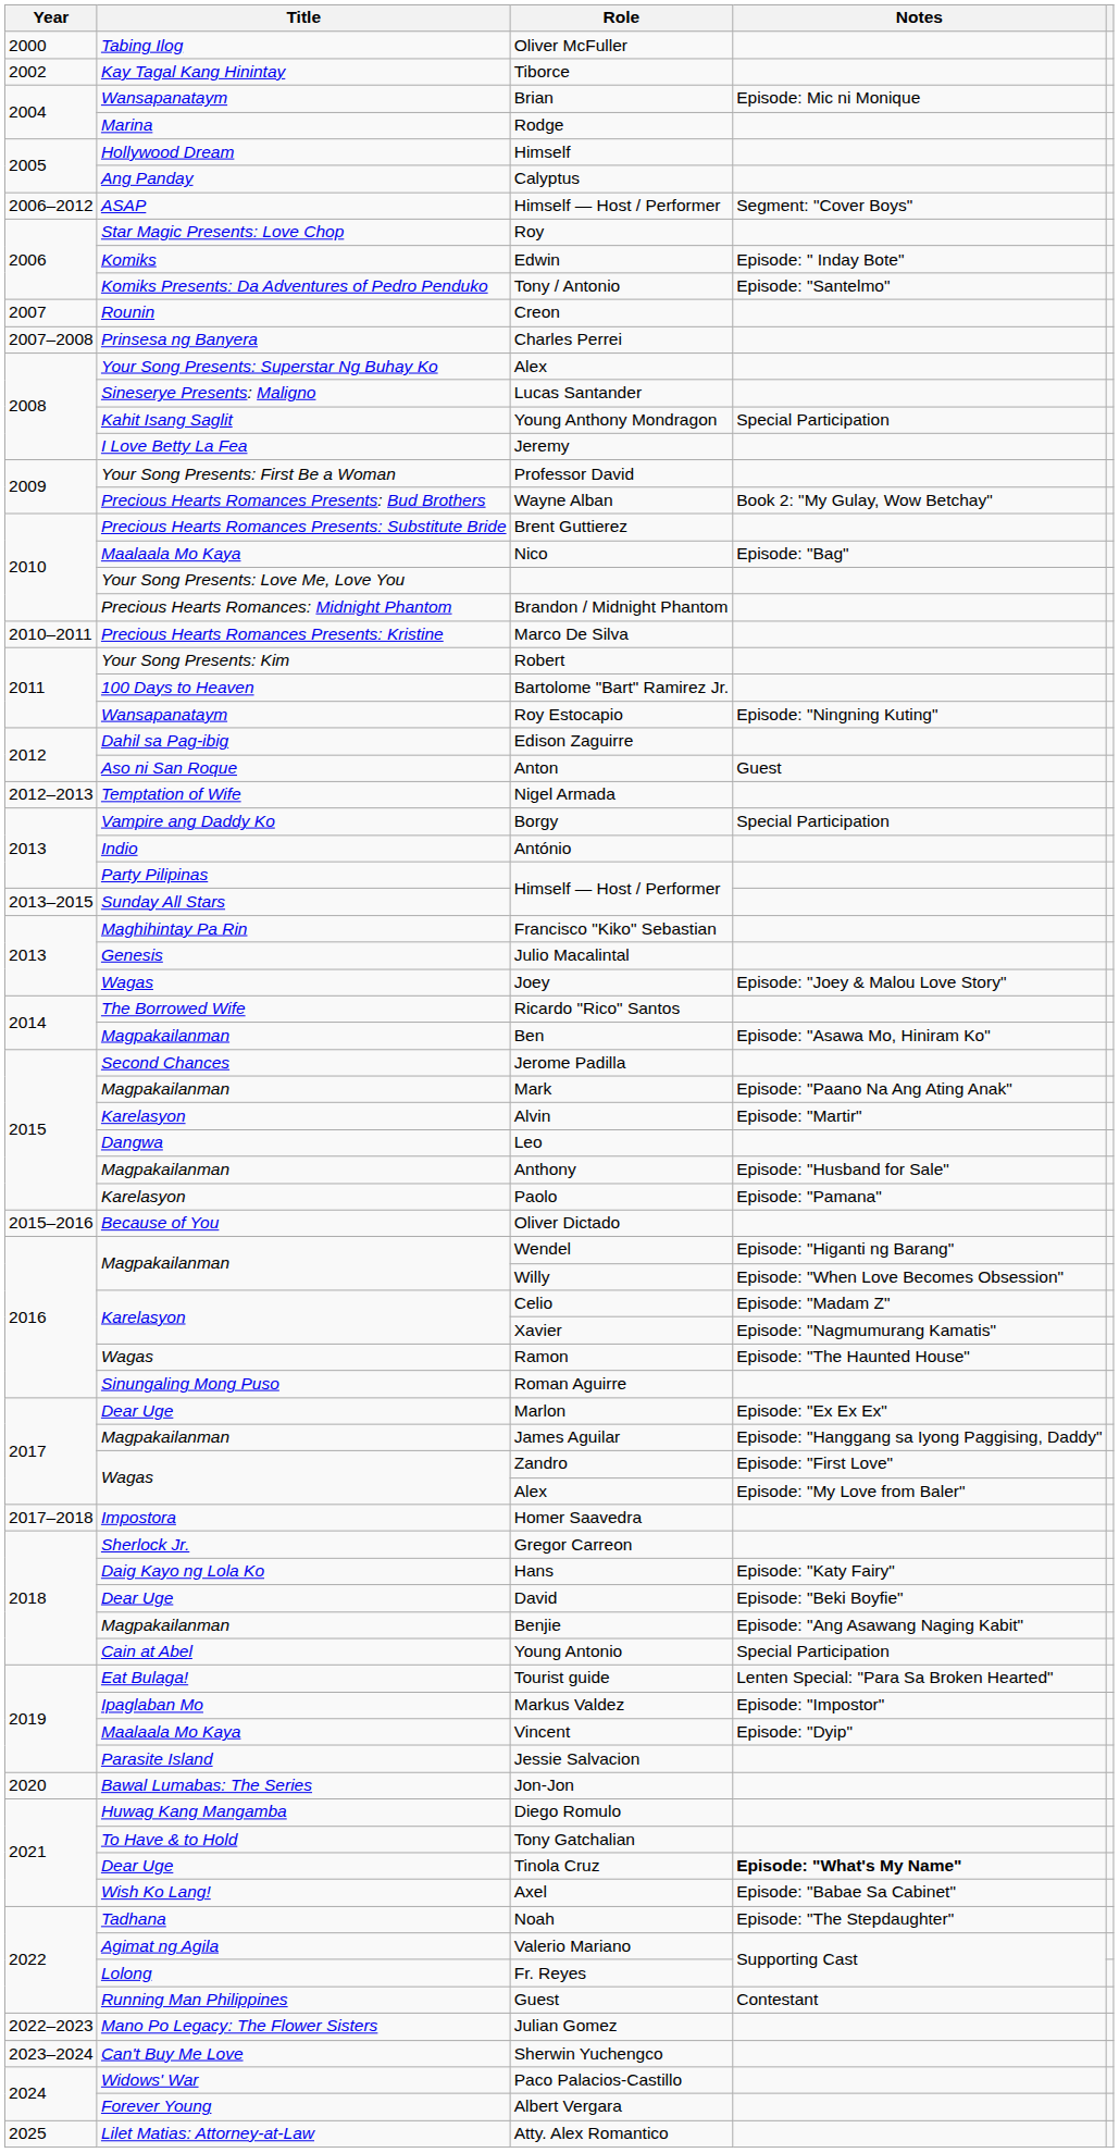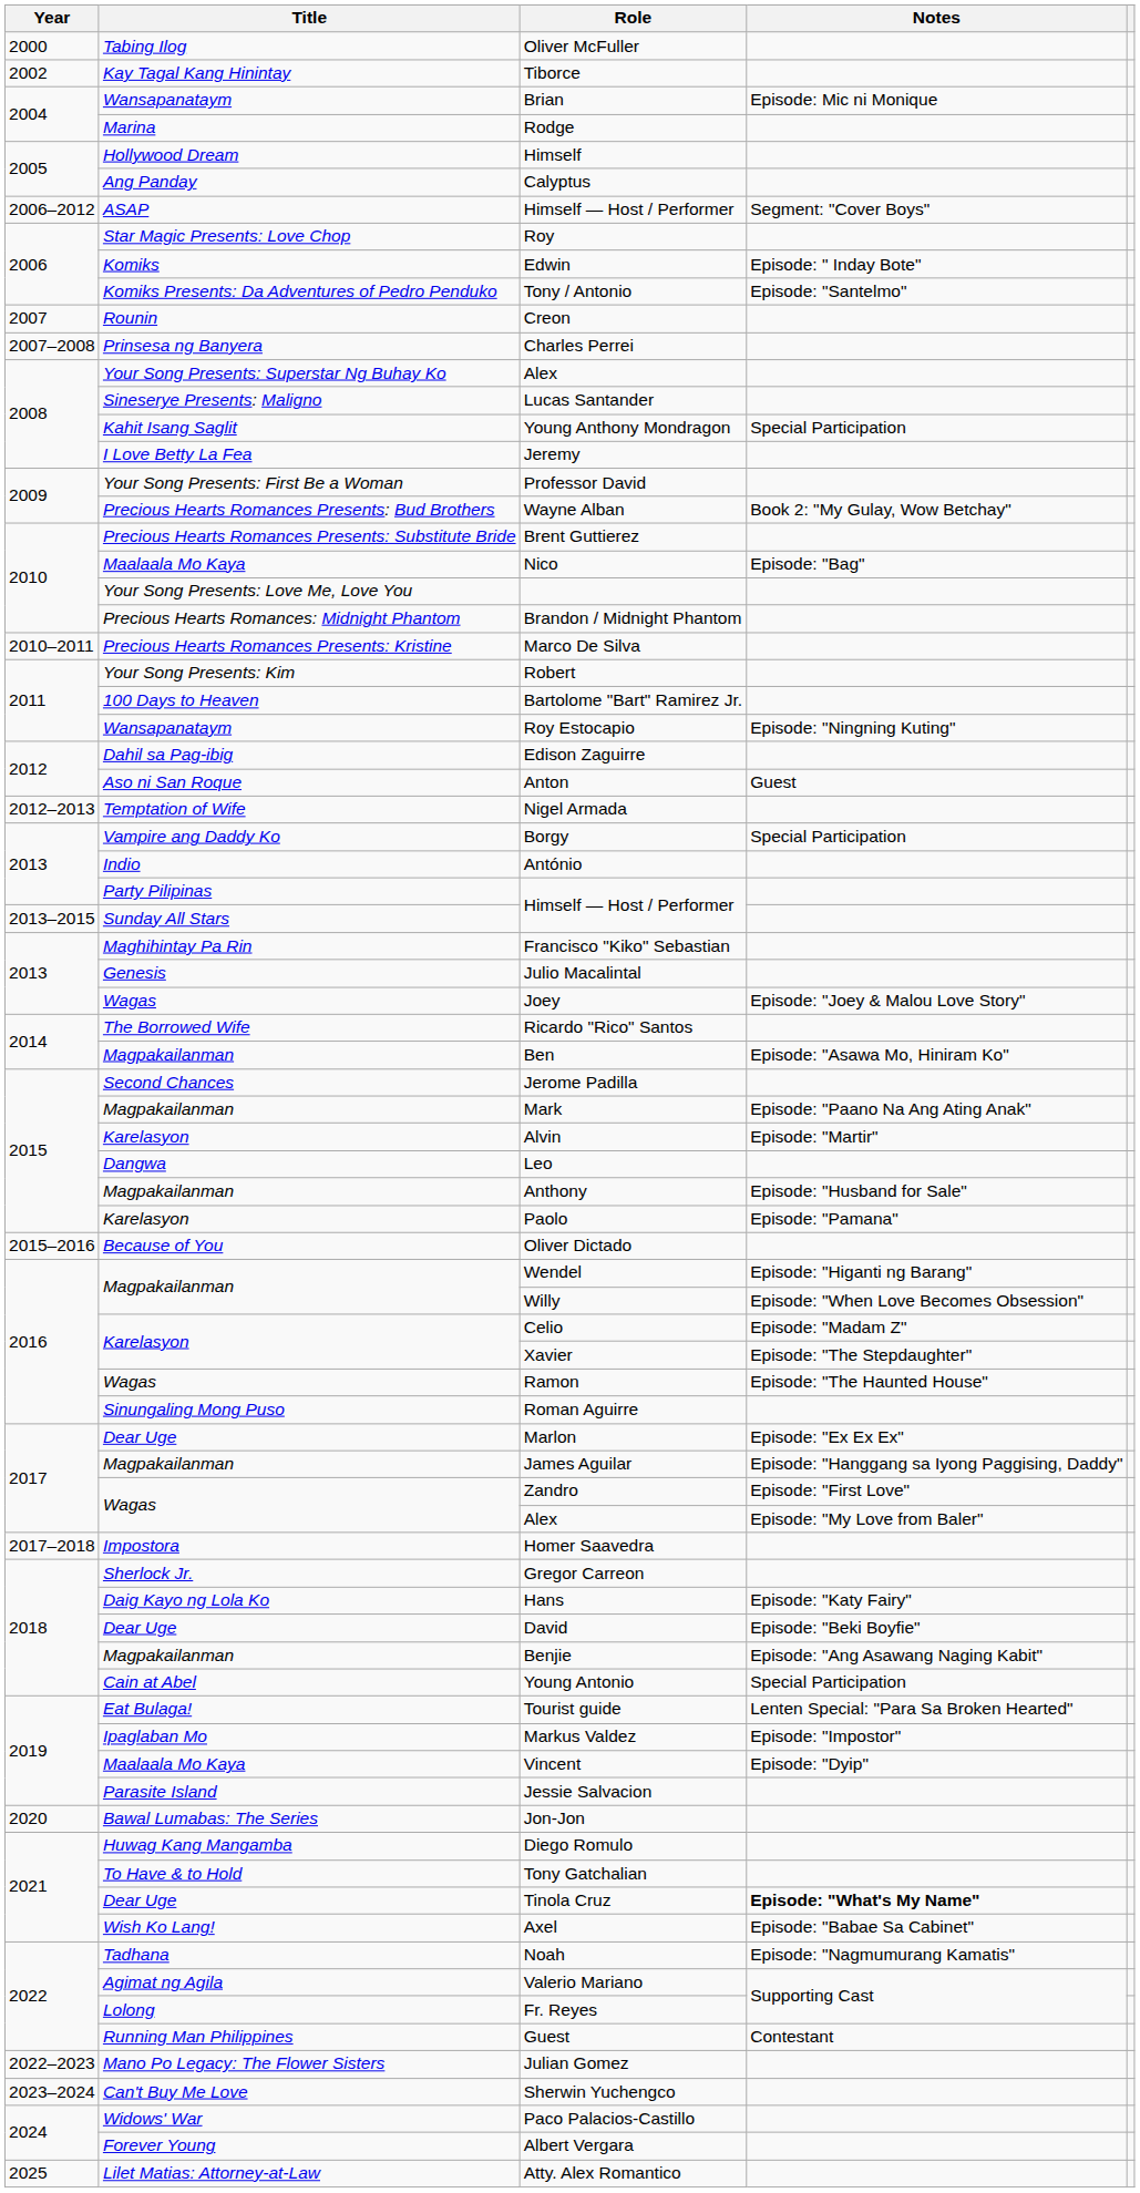 <table class="wikitable sortable" >
 <tr>
 <th>Year</th>
 <th>Title</th>
 <th>Role</th>
 <th class="unsortable">Notes </th>
 <th class="unsortable"> </th>
 </tr>
 <tr>
 <td>2000</td>
 <td><em><a href='#'>Tabing Ilog</a></em></td>
 <td>Oliver McFuller</td>
 <td></td>
 <td></td>
 </tr>
 <tr>
 <td>2002</td>
 <td><em><a href='#'>Kay Tagal Kang Hinintay</a></em></td>
 <td>Tiborce</td>
 <td></td>
 <td></td>
 </tr>
 <tr>
 <td rowspan="2">2004</td>
 <td><em><a href='#'>Wansapanataym</a></em></td>
 <td>Brian</td>
 <td>Episode: Mic ni Monique</td>
 <td></td>
 </tr>
 <tr>
 <td><em><a href='#'>Marina</a></em></td>
 <td>Rodge</td>
 <td></td>
 <td></td>
 </tr>
 <tr>
 <td rowspan="2">2005</td>
 <td><em><a href='#'>Hollywood Dream</a></em></td>
 <td>Himself</td>
 <td></td>
 <td></td>
 </tr>
 <tr>
 <td><em><a href='#'>Ang Panday</a></em></td>
 <td>Calyptus</td>
 <td></td>
 <td></td>
 </tr>
 <tr>
 <td>2006–2012</td>
 <td><em><a href='#'>ASAP</a></em></td>
 <td>Himself — Host / Performer</td>
 <td>Segment: "Cover Boys"</td>
 <td></td>
 </tr>
 <tr>
 <td rowspan="3">2006</td>
 <td><em><a href='#'>Star Magic Presents: Love Chop</a></em></td>
 <td>Roy</td>
 <td></td>
 <td></td>
 </tr>
 <tr>
 <td><em><a href='#'>Komiks</a></em></td>
 <td>Edwin</td>
 <td>Episode: " Inday Bote"</td>
 <td></td>
 </tr>
 <tr>
 <td><em><a href='#'>Komiks Presents: Da Adventures of Pedro Penduko</a></em></td>
 <td>Tony / Antonio</td>
 <td>Episode: "Santelmo"</td>
 <td></td>
 </tr>
 <tr>
 <td>2007</td>
 <td><em><a href='#'>Rounin</a></em></td>
 <td>Creon</td>
 <td></td>
 <td></td>
 </tr>
 <tr>
 <td>2007–2008</td>
 <td><em><a href='#'>Prinsesa ng Banyera</a></em></td>
 <td>Charles Perrei</td>
 <td></td>
 <td></td>
 </tr>
 <tr>
 <td rowspan="4">2008</td>
 <td><em><a href='#'>Your Song Presents: Superstar Ng Buhay Ko</a></em></td>
 <td>Alex</td>
 <td></td>
 <td></td>
 </tr>
 <tr>
 <td><em><a href='#'>Sineserye Presents</a>: <a href='#'>Maligno</a></em></td>
 <td>Lucas Santander</td>
 <td></td>
 <td></td>
 </tr>
 <tr>
 <td><em><a href='#'>Kahit Isang Saglit</a></em></td>
 <td>Young Anthony Mondragon</td>
 <td>Special Participation</td>
 <td></td>
 </tr>
 <tr>
 <td><em><a href='#'>I Love Betty La Fea</a></em></td>
 <td>Jeremy</td>
 <td></td>
 <td></td>
 </tr>
 <tr>
 <td rowspan="2">2009</td>
 <td><em>Your Song Presents: First Be a Woman</em></td>
 <td>Professor David</td>
 <td></td>
 <td></td>
 </tr>
 <tr>
 <td><em><a href='#'>Precious Hearts Romances Presents</a>: <a href='#'>Bud Brothers</a></em></td>
 <td>Wayne Alban</td>
 <td>Book 2: "My Gulay, Wow Betchay"</td>
 <td></td>
 </tr>
 <tr>
 <td rowspan="4">2010</td>
 <td><em><a href='#'>Precious Hearts Romances Presents: Substitute Bride</a></em></td>
 <td>Brent Guttierez</td>
 <td></td>
 <td></td>
 </tr>
 <tr>
 <td><em><a href='#'>Maalaala Mo Kaya</a></em></td>
 <td>Nico</td>
 <td>Episode: "Bag"</td>
 <td></td>
 </tr>
 <tr>
 <td><em>Your Song Presents: Love Me, Love You</em></td>
 <td></td>
 <td></td>
 <td></td>
 </tr>
 <tr>
 <td><em>Precious Hearts Romances: <a href='#'>Midnight Phantom</a></em></td>
 <td>Brandon / Midnight Phantom</td>
 <td></td>
 <td></td>
 </tr>
 <tr>
 <td>2010–2011</td>
 <td><em><a href='#'>Precious Hearts Romances Presents: Kristine</a></em></td>
 <td>Marco De Silva</td>
 <td></td>
 <td></td>
 </tr>
 <tr>
 <td rowspan="3">2011</td>
 <td><em>Your Song Presents: Kim</em></td>
 <td>Robert</td>
 <td></td>
 <td></td>
 </tr>
 <tr>
 <td><em><a href='#'>100 Days to Heaven</a></em></td>
 <td>Bartolome "Bart" Ramirez Jr.</td>
 <td></td>
 <td></td>
 </tr>
 <tr>
 <td><em><a href='#'>Wansapanataym</a></em></td>
 <td>Roy Estocapio</td>
 <td>Episode: "Ningning Kuting"</td>
 <td></td>
 </tr>
 <tr>
 <td rowspan="2">2012</td>
 <td><em><a href='#'>Dahil sa Pag-ibig</a></em></td>
 <td>Edison Zaguirre</td>
 <td></td>
 <td></td>
 </tr>
 <tr>
 <td><em><a href='#'>Aso ni San Roque</a></em></td>
 <td>Anton</td>
 <td>Guest</td>
 <td></td>
 </tr>
 <tr>
 <td>2012–2013</td>
 <td><em><a href='#'>Temptation of Wife</a></em></td>
 <td>Nigel Armada</td>
 <td></td>
 <td></td>
 </tr>
 <tr>
 <td rowspan="3">2013</td>
 <td><em><a href='#'>Vampire ang Daddy Ko</a></em></td>
 <td>Borgy</td>
 <td>Special Participation</td>
 <td></td>
 </tr>
 <tr>
 <td><em><a href='#'>Indio</a></em></td>
 <td>António</td>
 <td></td>
 <td></td>
 </tr>
 <tr>
 <td><em><a href='#'>Party Pilipinas</a></em></td>
 <td rowspan="2">Himself — Host / Performer</td>
 <td></td>
 <td></td>
 </tr>
 <tr>
 <td>2013–2015</td>
 <td><em><a href='#'>Sunday All Stars</a></em></td>
 <td></td>
 <td></td>
 </tr>
 <tr>
 <td rowspan="3">2013</td>
 <td><em><a href='#'>Maghihintay Pa Rin</a></em></td>
 <td>Francisco "Kiko" Sebastian</td>
 <td></td>
 <td></td>
 </tr>
 <tr>
 <td><em><a href='#'>Genesis</a></em></td>
 <td>Julio Macalintal</td>
 <td></td>
 <td></td>
 </tr>
 <tr>
 <td><em><a href='#'>Wagas</a></em></td>
 <td>Joey</td>
 <td>Episode: "Joey & Malou Love Story"</td>
 <td></td>
 </tr>
 <tr>
 <td rowspan="2">2014</td>
 <td><em><a href='#'>The Borrowed Wife</a></em></td>
 <td>Ricardo "Rico" Santos</td>
 <td></td>
 <td></td>
 </tr>
 <tr>
 <td><em><a href='#'>Magpakailanman</a></em></td>
 <td>Ben</td>
 <td>Episode: "Asawa Mo, Hiniram Ko"</td>
 <td></td>
 </tr>
 <tr>
 <td rowspan="6">2015</td>
 <td><em><a href='#'>Second Chances</a></em></td>
 <td>Jerome Padilla</td>
 <td></td>
 <td></td>
 </tr>
 <tr>
 <td><em>Magpakailanman</em></td>
 <td>Mark</td>
 <td>Episode: "Paano Na Ang Ating Anak"</td>
 <td></td>
 </tr>
 <tr>
 <td><em><a href='#'>Karelasyon</a></em></td>
 <td>Alvin</td>
 <td>Episode: "Martir"</td>
 <td></td>
 </tr>
 <tr>
 <td><em><a href='#'>Dangwa</a></em></td>
 <td>Leo</td>
 <td></td>
 <td></td>
 </tr>
 <tr>
 <td><em>Magpakailanman</em></td>
 <td>Anthony</td>
 <td>Episode: "Husband for Sale"</td>
 <td></td>
 </tr>
 <tr>
 <td><em>Karelasyon</em></td>
 <td>Paolo</td>
 <td>Episode: "Pamana"</td>
 <td></td>
 </tr>
 <tr>
 <td>2015–2016</td>
 <td><em><a href='#'>Because of You</a></em></td>
 <td>Oliver Dictado</td>
 <td></td>
 <td></td>
 </tr>
 <tr>
 <td rowspan="6">2016</td>
 <td rowspan="2"><em>Magpakailanman</em></td>
 <td>Wendel</td>
 <td>Episode: "Higanti ng Barang"</td>
 <td></td>
 </tr>
 <tr>
 <td>Willy</td>
 <td>Episode: "When Love Becomes Obsession"</td>
 <td></td>
 </tr>
 <tr>
 <td rowspan="2"><em><a href='#'>Karelasyon</a></em></td>
 <td>Celio</td>
 <td>Episode: "Madam Z"</td>
 <td></td>
 </tr>
 <tr>
 <td>Xavier</td>
-<td>Episode: "Nagmumurang Kamatis"</td>
+<td>Episode: "The Stepdaughter"</td>
 <td></td>
 </tr>
 <tr>
 <td><em>Wagas</em></td>
 <td>Ramon</td>
 <td>Episode: "The Haunted House"</td>
 <td></td>
 </tr>
 <tr>
 <td><em><a href='#'>Sinungaling Mong Puso</a></em></td>
 <td>Roman Aguirre</td>
 <td></td>
 <td></td>
 </tr>
 <tr>
 <td rowspan="4">2017</td>
 <td><em><a href='#'>Dear Uge</a></em></td>
 <td>Marlon</td>
 <td>Episode: "Ex Ex Ex"</td>
 <td></td>
 </tr>
 <tr>
 <td><em>Magpakailanman</em></td>
 <td>James Aguilar</td>
 <td>Episode: "Hanggang sa Iyong Paggising, Daddy"</td>
 <td></td>
 </tr>
 <tr>
 <td rowspan="2"><em>Wagas</em></td>
 <td>Zandro</td>
 <td>Episode: "First Love"</td>
 <td></td>
 </tr>
 <tr>
 <td>Alex</td>
 <td>Episode: "My Love from Baler"</td>
 <td></td>
 </tr>
 <tr>
 <td>2017–2018</td>
 <td><em><a href='#'>Impostora</a></em></td>
 <td>Homer Saavedra</td>
 <td></td>
 <td></td>
 </tr>
 <tr>
 <td rowspan="5">2018</td>
 <td><em><a href='#'>Sherlock Jr.</a></em></td>
 <td>Gregor Carreon</td>
 <td></td>
 <td></td>
 </tr>
 <tr>
 <td><em><a href='#'>Daig Kayo ng Lola Ko</a></em></td>
 <td>Hans</td>
 <td>Episode: "Katy Fairy"</td>
 <td></td>
 </tr>
 <tr>
 <td><em><a href='#'>Dear Uge</a></em></td>
 <td>David</td>
 <td>Episode: "Beki Boyfie"</td>
 <td></td>
 </tr>
 <tr>
 <td><em>Magpakailanman</em></td>
 <td>Benjie</td>
 <td>Episode: "Ang Asawang Naging Kabit"</td>
 <td></td>
 </tr>
 <tr>
 <td><em><a href='#'>Cain at Abel</a></em></td>
 <td>Young Antonio</td>
 <td>Special Participation</td>
 <td></td>
 </tr>
 <tr>
 <td rowspan="4">2019</td>
 <td><em><a href='#'>Eat Bulaga!</a></em></td>
 <td>Tourist guide</td>
 <td>Lenten Special: "Para Sa Broken Hearted"</td>
 <td></td>
 </tr>
 <tr>
 <td><em><a href='#'>Ipaglaban Mo</a></em></td>
 <td>Markus Valdez</td>
 <td>Episode: "Impostor"</td>
 <td></td>
 </tr>
 <tr>
 <td><em><a href='#'>Maalaala Mo Kaya</a></em></td>
 <td>Vincent</td>
 <td>Episode: "Dyip"</td>
 <td></td>
 </tr>
 <tr>
 <td><em><a href='#'>Parasite Island</a></em></td>
 <td>Jessie Salvacion</td>
 <td></td>
 <td></td>
 </tr>
 <tr>
 <td>2020</td>
 <td><em><a href='#'>Bawal Lumabas: The Series</a></em></td>
 <td>Jon-Jon</td>
 <td></td>
 </tr>
 <tr>
 <td rowspan="4">2021</td>
 <td><em><a href='#'>Huwag Kang Mangamba</a></em></td>
 <td>Diego Romulo</td>
 <td></td>
 <td></td>
 </tr>
 <tr>
 <td><em><a href='#'>To Have & to Hold</a></em></td>
 <td>Tony Gatchalian</td>
 <td></td>
 <td></td>
 </tr>
 <tr>
 <td><em><a href='#'>Dear Uge</a></em></td>
 <td>Tinola Cruz</td>
 <td><strong>Episode: "What's My Name"</strong></td>
 <td></td>
 </tr>
 <tr>
 <td><em><a href='#'>Wish Ko Lang!</a></em></td>
 <td>Axel</td>
 <td>Episode: "Babae Sa Cabinet"</td>
 <td></td>
 </tr>
 <tr>
 <td rowspan="4">2022</td>
 <td><em><a href='#'>Tadhana</a></em></td>
 <td>Noah</td>
-<td>Episode: "The Stepdaughter"</td>
+<td>Episode: "Nagmumurang Kamatis"</td>
 <td></td>
 </tr>
 <tr>
 <td><em><a href='#'>Agimat ng Agila</a></em></td>
 <td>Valerio Mariano</td>
 <td rowspan="2">Supporting Cast</td>
 <td></td>
 </tr>
 <tr>
 <td><em><a href='#'>Lolong</a></em></td>
 <td>Fr. Reyes</td>
 <td></td>
 </tr>
 <tr>
 <td><em><a href='#'>Running Man Philippines</a></em></td>
 <td>Guest</td>
 <td>Contestant</td>
 <td></td>
 </tr>
 <tr>
 <td>2022–2023</td>
 <td><em><a href='#'>Mano Po Legacy: The Flower Sisters</a></em></td>
 <td>Julian Gomez</td>
 <td></td>
 <td></td>
 </tr>
 <tr>
 <td>2023–2024</td>
 <td><em><a href='#'>Can't Buy Me Love</a></em></td>
 <td>Sherwin Yuchengco</td>
 <td></td>
 <td></td>
 </tr>
 <tr>
 <td rowspan="2">2024</td>
 <td><em><a href='#'>Widows' War</a></em></td>
 <td>Paco Palacios-Castillo</td>
 <td></td>
 <td></td>
 </tr>
 <tr>
 <td><em><a href='#'>Forever Young</a></em></td>
 <td>Albert Vergara</td>
 <td></td>
 <td></td>
 </tr>
 <tr>
 <td>2025</td>
 <td><em><a href='#'>Lilet Matias: Attorney-at-Law</a></em></td>
 <td>Atty. Alex Romantico</td>
 <td></td>
 <td></td>
 </tr>
 </table>
